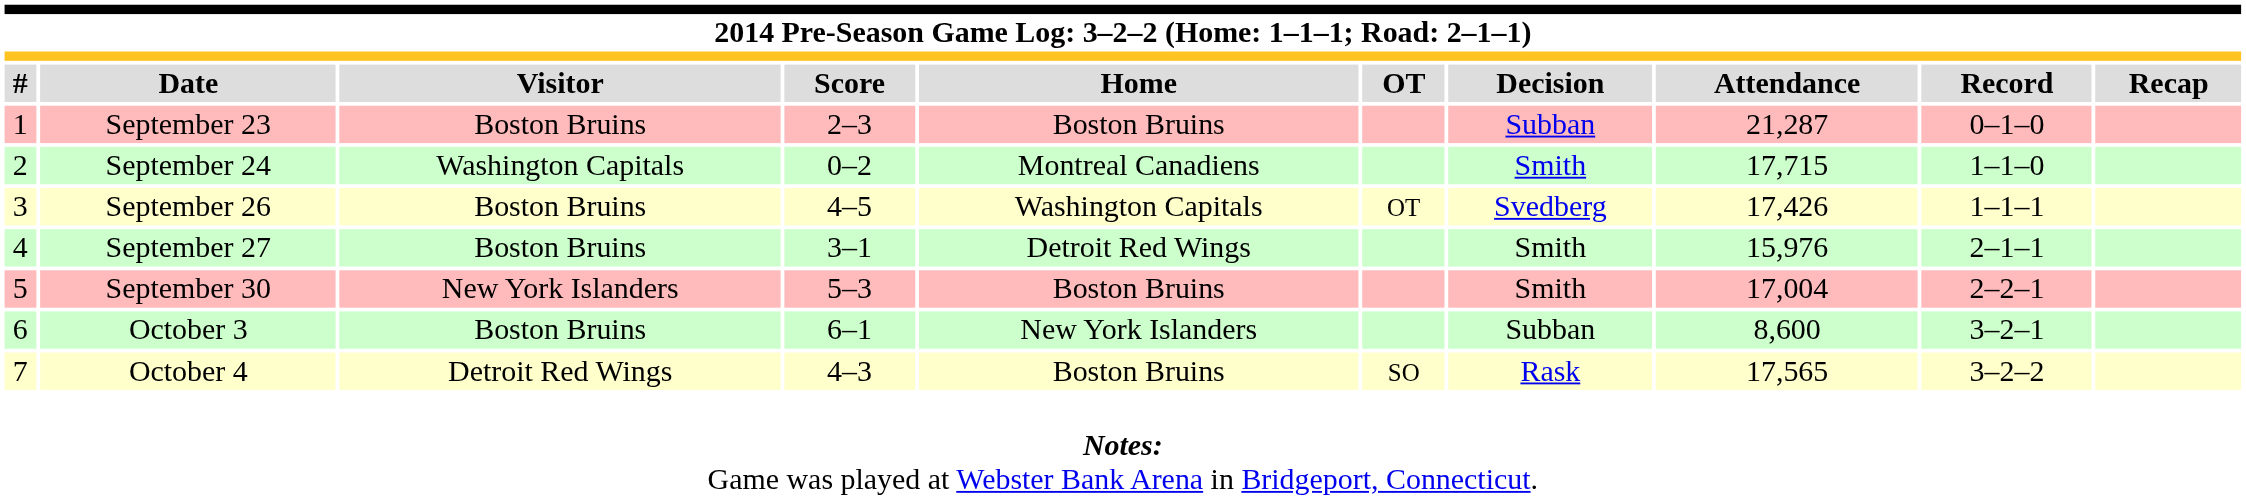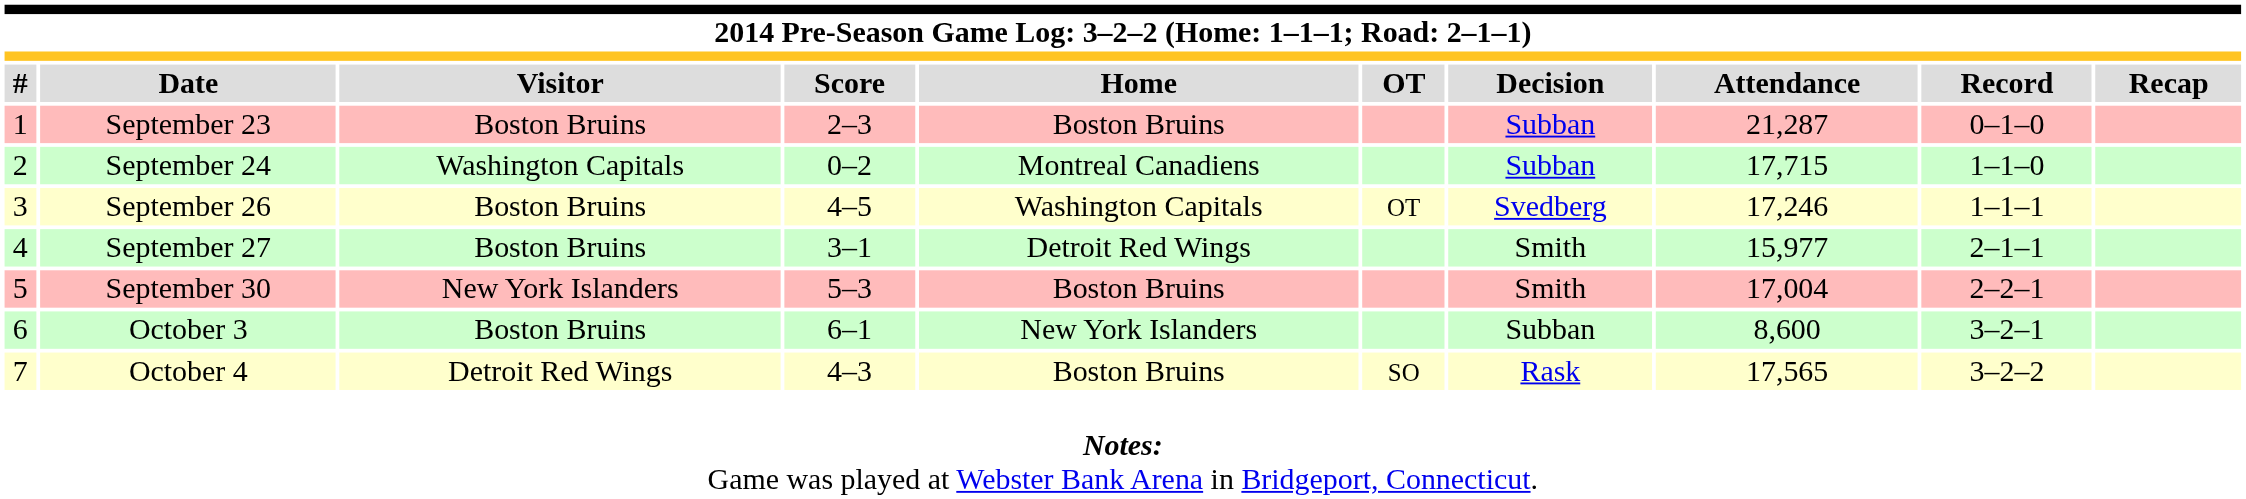 <table class="toccolours collapsible collapsed"  style="width:95%; clear:both; margin:1.5em auto; text-align:center;">
 <tr>
 <th colspan=10 style="background:#fff; border-top:#000000 5px solid; border-bottom:#FFC422 5px solid;">2014 Pre-Season Game Log: 3–2–2 (Home: 1–1–1; Road: 2–1–1)</th>
 </tr>
 <tr style="text-align:center; background:#ddd;">
 <th>#</th>
 <th>Date</th>
 <th>Visitor</th>
 <th>Score</th>
 <th>Home</th>
 <th>OT</th>
 <th>Decision</th>
 <th>Attendance</th>
 <th>Record</th>
 <th>Recap</th>
 </tr>
 <tr style="text-align:center; background:#ffbbbb;">
 <td>1</td>
 <td>September 23</td>
 <td>Boston Bruins</td>
 <td>2–3</td>
 <td>Boston Bruins</td>
 <td></td>
 <td><a href='#'>Subban</a></td>
 <td>21,287</td>
 <td>0–1–0</td>
 <td></td>
 </tr>
 <tr style="text-align:center; background:#ccffcc;">
 <td>2</td>
 <td>September 24</td>
 <td>Washington Capitals</td>
 <td>0–2</td>
 <td>Montreal Canadiens</td>
 <td></td>
-<td><a href='#'>Smith</a></td>
+<td><a href='#'>Subban</a></td>
 <td>17,715</td>
 <td>1–1–0</td>
 <td></td>
 </tr>
 <tr style="text-align:center; background:#ffffcc;">
 <td>3</td>
 <td>September 26</td>
 <td>Boston Bruins</td>
 <td>4–5</td>
 <td>Washington Capitals</td>
 <td><small>OT</small></td>
 <td><a href='#'>Svedberg</a></td>
-<td>17,426</td>
+<td>17,246</td>
 <td>1–1–1</td>
 <td></td>
 </tr>
 <tr style="text-align:center; background:#ccffcc;">
 <td>4</td>
 <td>September 27</td>
 <td>Boston Bruins</td>
 <td>3–1</td>
 <td>Detroit Red Wings</td>
 <td></td>
 <td>Smith</td>
-<td>15,976</td>
+<td>15,977</td>
 <td>2–1–1</td>
 <td></td>
 </tr>
 <tr style="text-align:center; background:#ffbbbb;">
 <td>5</td>
 <td>September 30</td>
 <td>New York Islanders</td>
 <td>5–3</td>
 <td>Boston Bruins</td>
 <td></td>
 <td>Smith</td>
 <td>17,004</td>
 <td>2–2–1</td>
 <td></td>
 </tr>
 <tr style="text-align:center; background:#ccffcc;">
 <td>6</td>
 <td>October 3</td>
 <td>Boston Bruins</td>
 <td>6–1</td>
 <td>New York Islanders</td>
 <td></td>
 <td>Subban</td>
 <td>8,600</td>
 <td>3–2–1</td>
 <td></td>
 </tr>
 <tr style="text-align:center; background:#ffffcc;">
 <td>7</td>
 <td>October 4</td>
 <td>Detroit Red Wings</td>
 <td>4–3</td>
 <td>Boston Bruins</td>
 <td><small>SO</small></td>
 <td><a href='#'>Rask</a></td>
 <td>17,565</td>
 <td>3–2–2</td>
 <td></td>
 </tr>
 <tr>
 <td colspan="10" style="text-align:center;"><br><strong><em>Notes:</em></strong><br> Game was played at <a href='#'>Webster Bank Arena</a> in <a href='#'>Bridgeport, Connecticut</a>.</td>
 </tr>
 </table>
